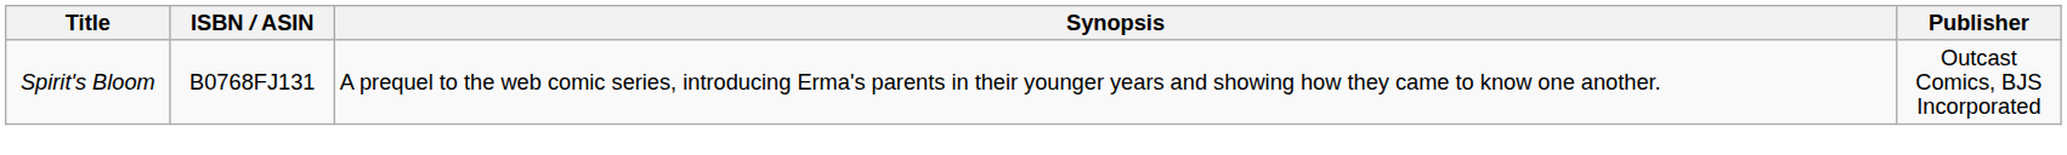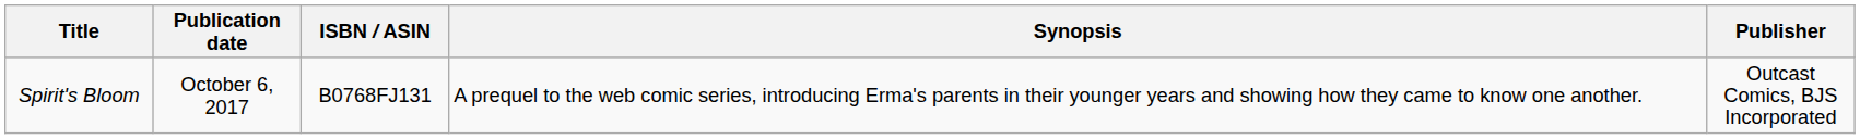 <table class="wikitable" style="text-align:center; width:100%; font-size:85%;">
 <tr>
 <th style="text-align:center; width:8%;">Title</th>
+<th style="text-align:center; width:8%;">Publication date</th>
 <th style="text-align:center; width:8%;">ISBN <em>/</em> ASIN</th>
 <th>Synopsis</th>
 <th>Publisher</th>
 </tr>
 <tr>
 <td><em>Spirit's Bloom</em></td>
+<td>October 6, 2017</td>
 <td>B0768FJ131</td>
 <td style="text-align:left;">A prequel to the web comic series, introducing Erma's parents in their younger years and showing how they came to know one another.</td>
 <td style="text-align:center; width:8%;">Outcast Comics, BJS Incorporated</td>
 </tr>
 </table>
